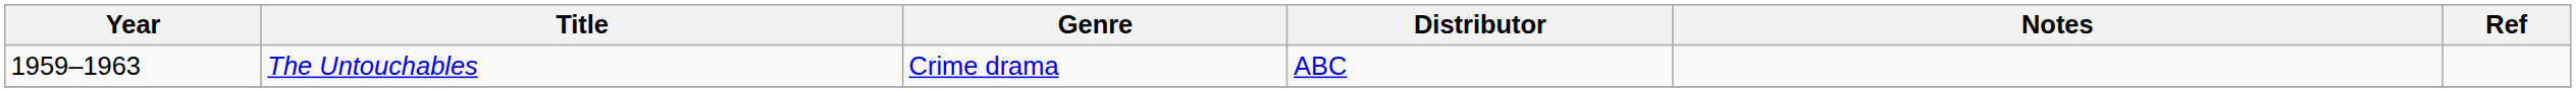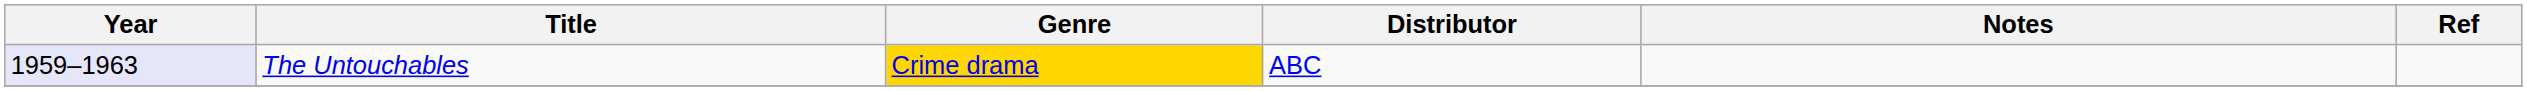 <table class="wikitable sortable" style="width:100%; font-size:100%;">
 <tr>
 <th style="width:10%;">Year</th>
 <th style="width:25%;">Title</th>
 <th style="width:15%;">Genre</th>
 <th style="width:15%;">Distributor</th>
 <th style="width:30%;">Notes</th>
 <th style="width:5%;">Ref</th>
 </tr>
 <tr>
-<td>1959–1963</td>
+<td style="background: lavender;">1959–1963</td>
 <td><em><a href='#'>The Untouchables</a></em></td>
-<td><a href='#'>Crime drama</a></td>
+<td style="background: gold;"><a href='#'>Crime drama</a></td>
 <td><a href='#'>ABC</a></td>
 <td></td>
 <td></td>
 </tr>
 <tr>
 </tr>
 </table>
